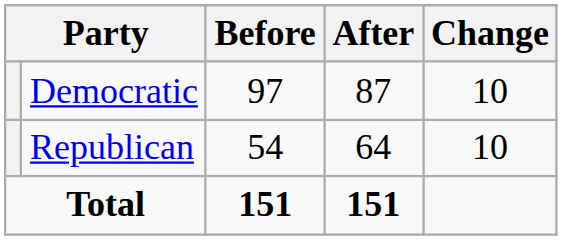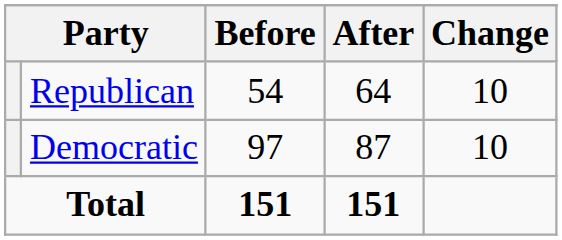 <table class="wikitable" style="text-align:center;">
 <tr>
 </tr>
 <tr>
 <th colspan=2>Party</th>
 <th>Before</th>
 <th>After</th>
 <th>Change</th>
 </tr>
 <tr>
 <th style="background-color:"></th>
-<td style="text-align:left;"><a href='#'>Democratic</a></td>
-<td>97</td>
-<td>87</td>
+<td style="text-align:left;"><a href='#'>Republican</a></td>
+<td>54</td>
+<td>64</td>
 <td> 10</td>
 </tr>
 <tr>
 <th style="background-color:"></th>
-<td style="text-align:left;"><a href='#'>Republican</a></td>
-<td>54</td>
-<td>64</td>
+<td style="text-align:left;"><a href='#'>Democratic</a></td>
+<td>97</td>
+<td>87</td>
 <td> 10</td>
 </tr>
 <tr>
 <td colspan=2><strong>Total</strong></td>
 <td><strong>151</strong></td>
 <td><strong>151</strong></td>
 <td></td>
 </tr>
 </table>
